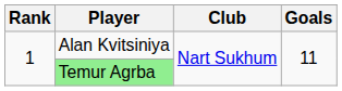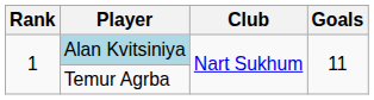 <table class="wikitable" style="text-align:center">
 <tr>
 <th>Rank</th>
 <th>Player</th>
 <th>Club</th>
 <th>Goals</th>
 </tr>
 <tr>
 <td rowspan=2>1</td>
-<td align="left">Alan Kvitsiniya</td>
+<td align="left" style="background: lightblue;">Alan Kvitsiniya</td>
 <td rowspan=2 align="left"><a href='#'>Nart Sukhum</a></td>
 <td rowspan=2>11</td>
 </tr>
 <tr>
-<td align="left" style="background: lightgreen;">Temur Agrba</td>
+<td align="left">Temur Agrba</td>
 </tr>
 </table>
